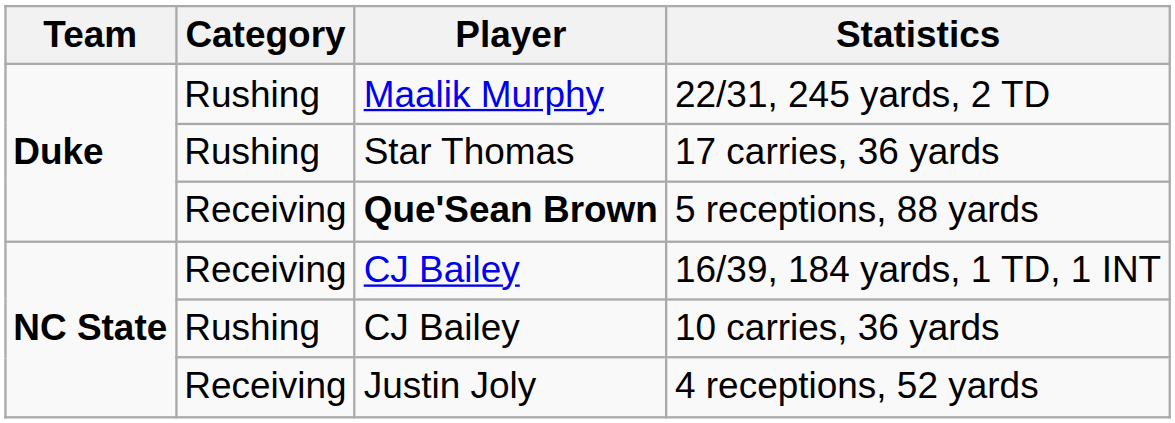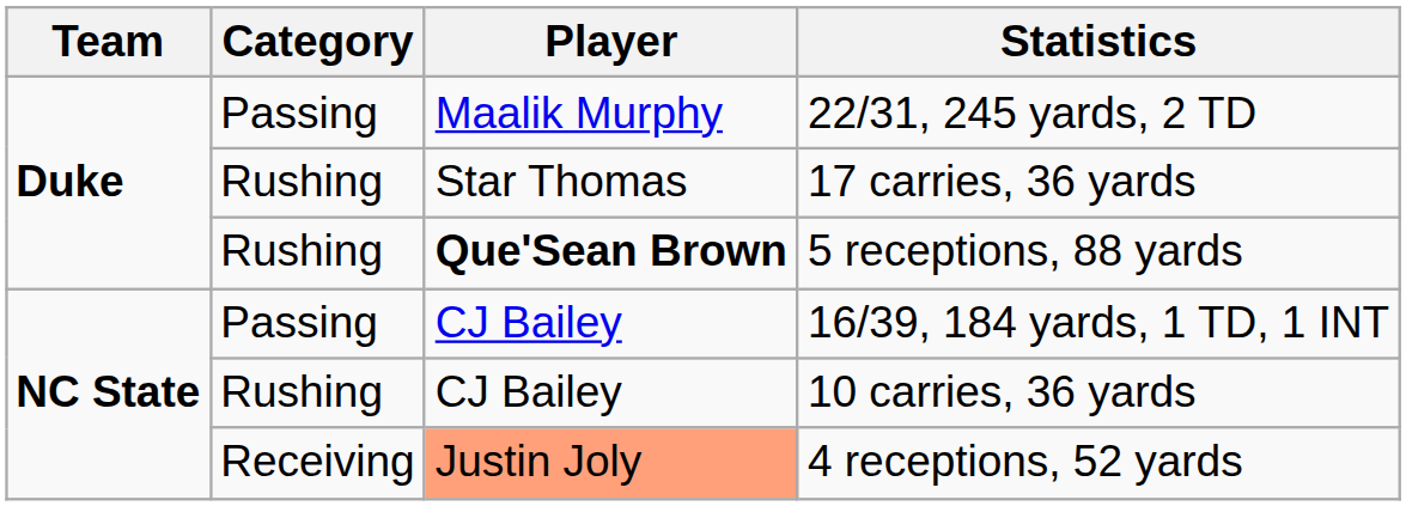 <table class="wikitable" style="float: right;">
 <tr>
 <th>Team</th>
 <th>Category</th>
 <th>Player</th>
 <th>Statistics</th>
 </tr>
 <tr>
 <td rowspan=3><strong>Duke</strong></td>
-<td>Rushing</td>
+<td>Passing</td>
 <td><a href='#'>Maalik Murphy</a></td>
 <td>22/31, 245 yards, 2 TD</td>
 </tr>
 <tr>
 <td>Rushing</td>
 <td>Star Thomas</td>
 <td>17 carries, 36 yards</td>
 </tr>
 <tr>
-<td>Receiving</td>
+<td>Rushing</td>
 <td><strong>Que'Sean Brown</strong></td>
 <td>5 receptions, 88 yards</td>
 </tr>
 <tr>
 <td rowspan=3><strong>NC State</strong></td>
-<td>Receiving</td>
+<td>Passing</td>
 <td><a href='#'>CJ Bailey</a></td>
 <td>16/39, 184 yards, 1 TD, 1 INT</td>
 </tr>
 <tr>
 <td>Rushing</td>
 <td>CJ Bailey</td>
 <td>10 carries, 36 yards</td>
 </tr>
 <tr>
 <td>Receiving</td>
-<td>Justin Joly</td>
+<td style="background: lightsalmon;">Justin Joly</td>
 <td>4 receptions, 52 yards</td>
 </tr>
 </table>
